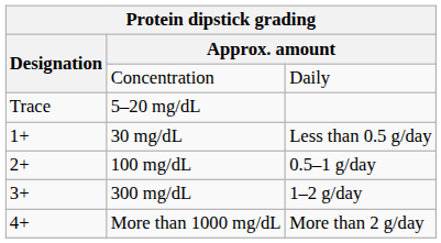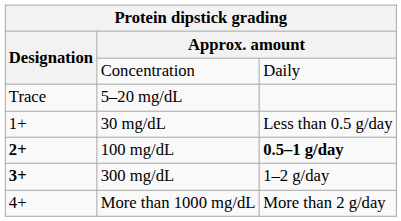 <table class="wikitable" align="right">
 <tr>
 <th colspan=3>Protein dipstick grading</th>
 </tr>
 <tr>
 <th rowspan=2>Designation</th>
 <th colspan=2>Approx. amount</th>
 </tr>
 <tr>
 <td>Concentration</td>
 <td>Daily</td>
 </tr>
 <tr>
 <td>Trace</td>
 <td>5–20 mg/dL</td>
 <td></td>
 </tr>
 <tr>
 <td>1+</td>
 <td>30 mg/dL</td>
 <td>Less than 0.5 g/day</td>
 </tr>
 <tr>
-<td>2+</td>
+<td><strong>2+</strong></td>
 <td>100 mg/dL</td>
-<td>0.5–1 g/day</td>
+<td><strong>0.5–1 g/day</strong></td>
 </tr>
 <tr>
-<td>3+</td>
+<td><strong>3+</strong></td>
 <td>300 mg/dL</td>
 <td>1–2 g/day</td>
 </tr>
 <tr>
 <td>4+</td>
 <td>More than 1000 mg/dL</td>
 <td>More than 2 g/day</td>
 </tr>
 </table>
